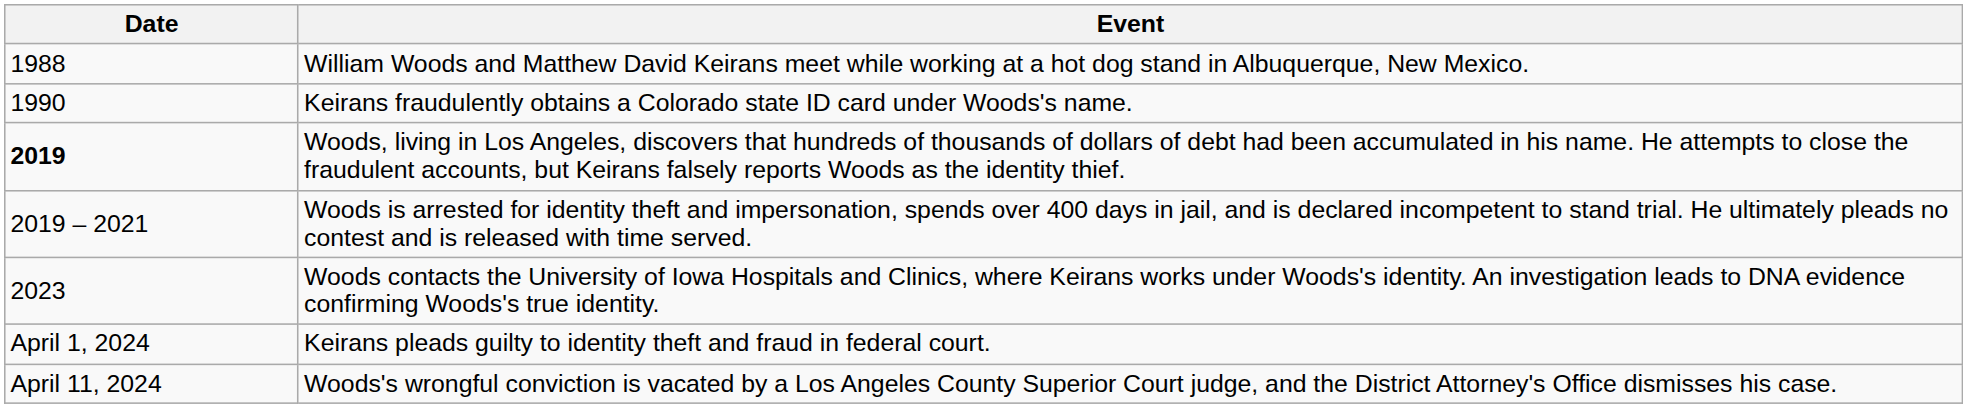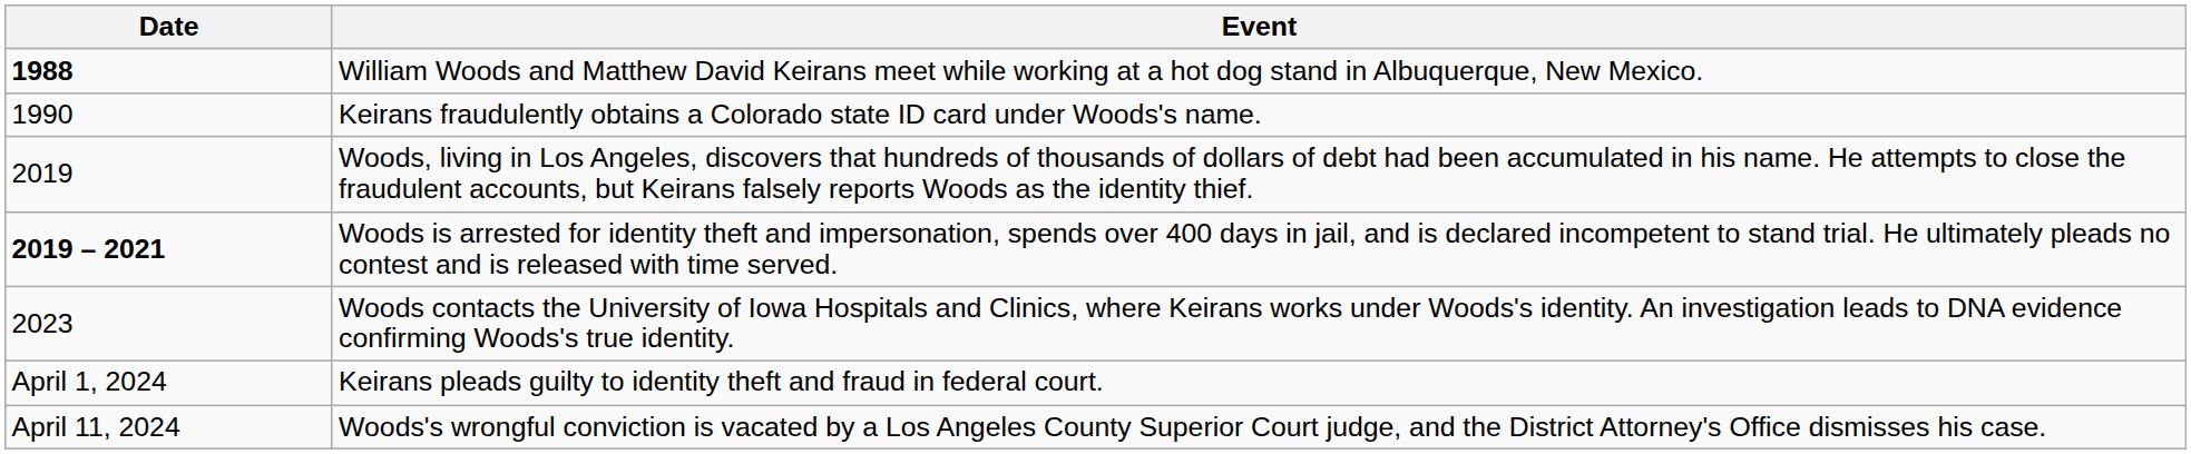 <table class="wikitable" style="width:100%;">
 <tr>
 <th scope="col" style="width:15%;">Date</th>
 <th scope="col" style="width:85%;">Event</th>
 </tr>
 <tr>
-<td>1988</td>
+<td><strong>1988</strong></td>
 <td>William Woods and Matthew David Keirans meet while working at a hot dog stand in Albuquerque, New Mexico.</td>
 </tr>
 <tr>
 <td>1990</td>
 <td>Keirans fraudulently obtains a Colorado state ID card under Woods's name.</td>
 </tr>
 <tr>
-<td><strong>2019</strong></td>
+<td>2019</td>
 <td>Woods, living in Los Angeles, discovers that hundreds of thousands of dollars of debt had been accumulated in his name. He attempts to close the fraudulent accounts, but Keirans falsely reports Woods as the identity thief.</td>
 </tr>
 <tr>
-<td>2019 – 2021</td>
+<td><strong>2019 – 2021</strong></td>
 <td>Woods is arrested for identity theft and impersonation, spends over 400 days in jail, and is declared incompetent to stand trial. He ultimately pleads no contest and is released with time served.</td>
 </tr>
 <tr>
 <td>2023</td>
 <td>Woods contacts the University of Iowa Hospitals and Clinics, where Keirans works under Woods's identity. An investigation leads to DNA evidence confirming Woods's true identity.</td>
 </tr>
 <tr>
 <td>April 1, 2024</td>
 <td>Keirans pleads guilty to identity theft and fraud in federal court.</td>
 </tr>
 <tr>
 <td>April 11, 2024</td>
 <td>Woods's wrongful conviction is vacated by a Los Angeles County Superior Court judge, and the District Attorney's Office dismisses his case.</td>
 </tr>
 </table>
